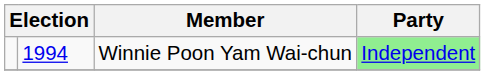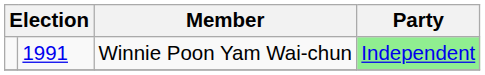 <table class="wikitable">
 <tr>
 <th colspan="2">Election</th>
 <th>Member</th>
 <th>Party</th>
 </tr>
 <tr>
 <td style="background-color:"></td>
-<td><a href='#'>1994</a></td>
+<td><a href='#'>1991</a></td>
 <td>Winnie Poon Yam Wai-chun</td>
 <td style="background: lightgreen;"><a href='#'>Independent</a></td>
 </tr>
 <tr>
 </tr>
 </table>
